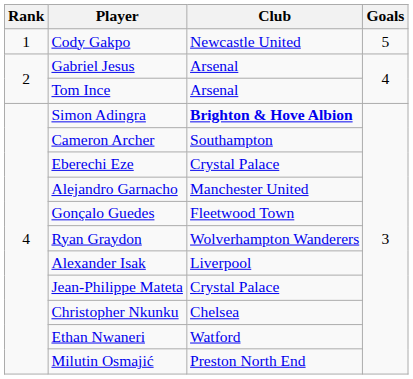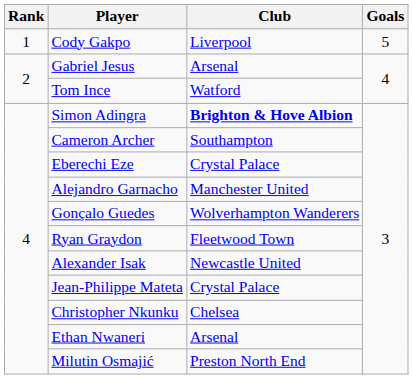 <table class="wikitable sortable">
 <tr>
 <th>Rank</th>
 <th>Player</th>
 <th>Club</th>
 <th>Goals</th>
 </tr>
 <tr>
 <td align="center">1</td>
 <td align="left"> <a href='#'>Cody Gakpo</a></td>
-<td align="left"><a href='#'>Newcastle United</a></td>
+<td align="left"><a href='#'>Liverpool</a></td>
 <td align="center">5</td>
 </tr>
 <tr>
 <td align="center" rowspan="2">2</td>
 <td align="left"> <a href='#'>Gabriel Jesus</a></td>
 <td align="left"><a href='#'>Arsenal</a></td>
 <td align="center" rowspan="2">4</td>
 </tr>
 <tr>
 <td align="left"> <a href='#'>Tom Ince</a></td>
-<td align="left"><a href='#'>Arsenal</a></td>
+<td align="left"><a href='#'>Watford</a></td>
 </tr>
 <tr>
 <td align="center" rowspan="11">4</td>
 <td align="left"> <a href='#'>Simon Adingra</a></td>
 <td align="left"><strong><a href='#'>Brighton & Hove Albion</a></strong></td>
 <td align="center" rowspan="11">3</td>
 </tr>
 <tr>
 <td align="left"> <a href='#'>Cameron Archer</a></td>
 <td align="left"><a href='#'>Southampton</a></td>
 </tr>
 <tr>
 <td align="left"> <a href='#'>Eberechi Eze</a></td>
 <td align="left"><a href='#'>Crystal Palace</a></td>
 </tr>
 <tr>
 <td align="left"> <a href='#'>Alejandro Garnacho</a></td>
 <td align="left"><a href='#'>Manchester United</a></td>
 </tr>
 <tr>
 <td align="left"> <a href='#'>Gonçalo Guedes</a></td>
+<td align="left"><a href='#'>Wolverhampton Wanderers</a></td>
+</tr>
+<tr>
+<td align="left"> <a href='#'>Ryan Graydon</a></td>
 <td align="left"><a href='#'>Fleetwood Town</a></td>
 </tr>
 <tr>
-<td align="left"> <a href='#'>Ryan Graydon</a></td>
-<td align="left"><a href='#'>Wolverhampton Wanderers</a></td>
-</tr>
-<tr>
 <td align="left"> <a href='#'>Alexander Isak</a></td>
-<td align="left"><a href='#'>Liverpool</a></td>
+<td align="left"><a href='#'>Newcastle United</a></td>
 </tr>
 <tr>
 <td align="left"> <a href='#'>Jean-Philippe Mateta</a></td>
 <td align="left"><a href='#'>Crystal Palace</a></td>
 </tr>
 <tr>
 <td align="left"> <a href='#'>Christopher Nkunku</a></td>
 <td align="left"><a href='#'>Chelsea</a></td>
 </tr>
 <tr>
 <td align="left"> <a href='#'>Ethan Nwaneri</a></td>
-<td align="left"><a href='#'>Watford</a></td>
+<td align="left"><a href='#'>Arsenal</a></td>
 </tr>
 <tr>
 <td align="left"> <a href='#'>Milutin Osmajić</a></td>
 <td align="left"><a href='#'>Preston North End</a></td>
 </tr>
 </table>
